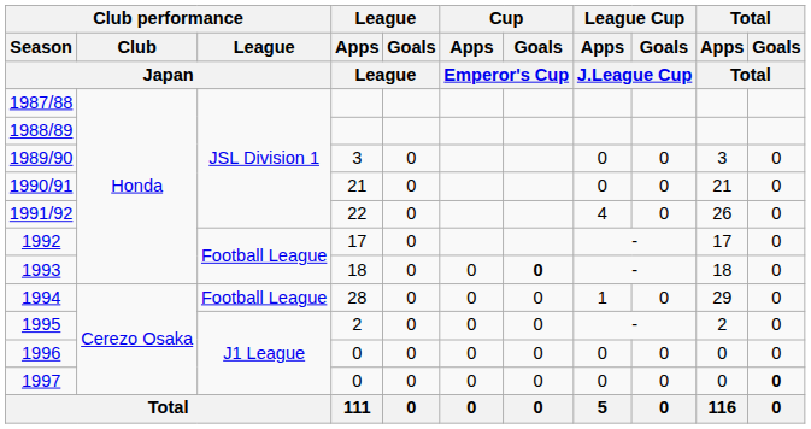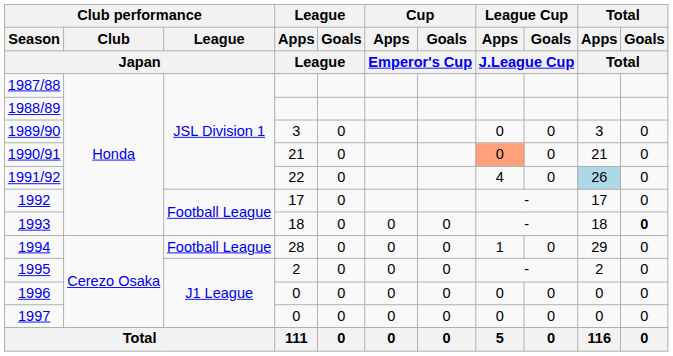 <table class="wikitable" style="text-align:center;">
 <tr>
 <th colspan=3>Club performance</th>
 <th colspan=2>League</th>
 <th colspan=2>Cup</th>
 <th colspan=2>League Cup</th>
 <th colspan=2>Total</th>
 </tr>
 <tr>
 <th>Season</th>
 <th>Club</th>
 <th>League</th>
 <th>Apps</th>
 <th>Goals</th>
 <th>Apps</th>
 <th>Goals</th>
 <th>Apps</th>
 <th>Goals</th>
 <th>Apps</th>
 <th>Goals</th>
 </tr>
 <tr>
 <th colspan=3>Japan</th>
 <th colspan=2>League</th>
 <th colspan=2><a href='#'>Emperor's Cup</a></th>
 <th colspan=2><a href='#'>J.League Cup</a></th>
 <th colspan=2>Total</th>
 </tr>
 <tr>
 <td><a href='#'>1987/88</a></td>
 <td rowspan="7"><a href='#'>Honda</a></td>
 <td rowspan="5"><a href='#'>JSL Division 1</a></td>
 <td></td>
 <td></td>
 <td></td>
 <td></td>
 <td></td>
 <td></td>
 <td></td>
 <td></td>
 </tr>
 <tr>
 <td><a href='#'>1988/89</a></td>
 <td></td>
 <td></td>
 <td></td>
 <td></td>
 <td></td>
 <td></td>
 <td></td>
 <td></td>
 </tr>
 <tr>
 <td><a href='#'>1989/90</a></td>
 <td>3</td>
 <td>0</td>
 <td></td>
 <td></td>
 <td>0</td>
 <td>0</td>
 <td>3</td>
 <td>0</td>
 </tr>
 <tr>
 <td><a href='#'>1990/91</a></td>
 <td>21</td>
 <td>0</td>
 <td></td>
 <td></td>
-<td>0</td>
+<td style="background: lightsalmon;">0</td>
 <td>0</td>
 <td>21</td>
 <td>0</td>
 </tr>
 <tr>
 <td><a href='#'>1991/92</a></td>
 <td>22</td>
 <td>0</td>
 <td></td>
 <td></td>
 <td>4</td>
 <td>0</td>
-<td>26</td>
+<td style="background: lightblue;">26</td>
 <td>0</td>
 </tr>
 <tr>
 <td><a href='#'>1992</a></td>
 <td rowspan="2"><a href='#'>Football League</a></td>
 <td>17</td>
 <td>0</td>
 <td></td>
 <td></td>
 <td colspan="2">-</td>
 <td>17</td>
 <td>0</td>
 </tr>
 <tr>
 <td><a href='#'>1993</a></td>
 <td>18</td>
 <td>0</td>
 <td>0</td>
-<td><strong>0</strong></td>
+<td>0</td>
 <td colspan="2">-</td>
 <td>18</td>
-<td>0</td>
+<td><strong>0</strong></td>
 </tr>
 <tr>
 <td><a href='#'>1994</a></td>
 <td rowspan="4"><a href='#'>Cerezo Osaka</a></td>
 <td><a href='#'>Football League</a></td>
 <td>28</td>
 <td>0</td>
 <td>0</td>
 <td>0</td>
 <td>1</td>
 <td>0</td>
 <td>29</td>
 <td>0</td>
 </tr>
 <tr>
 <td><a href='#'>1995</a></td>
 <td rowspan="3"><a href='#'>J1 League</a></td>
 <td>2</td>
 <td>0</td>
 <td>0</td>
 <td>0</td>
 <td colspan="2">-</td>
 <td>2</td>
 <td>0</td>
 </tr>
 <tr>
 <td><a href='#'>1996</a></td>
 <td>0</td>
 <td>0</td>
 <td>0</td>
 <td>0</td>
 <td>0</td>
 <td>0</td>
 <td>0</td>
 <td>0</td>
 </tr>
 <tr>
 <td><a href='#'>1997</a></td>
 <td>0</td>
 <td>0</td>
 <td>0</td>
 <td>0</td>
 <td>0</td>
 <td>0</td>
 <td>0</td>
-<td><strong>0</strong></td>
+<td>0</td>
 </tr>
 <tr>
 <th colspan=3>Total</th>
 <th>111</th>
 <th>0</th>
 <th>0</th>
 <th>0</th>
 <th>5</th>
 <th>0</th>
 <th>116</th>
 <th>0</th>
 </tr>
 </table>
